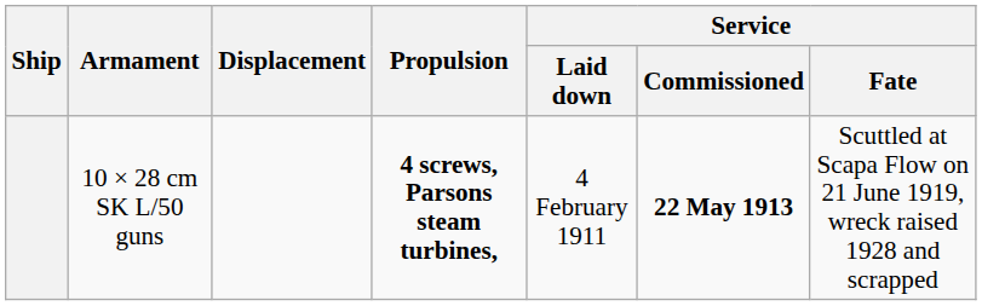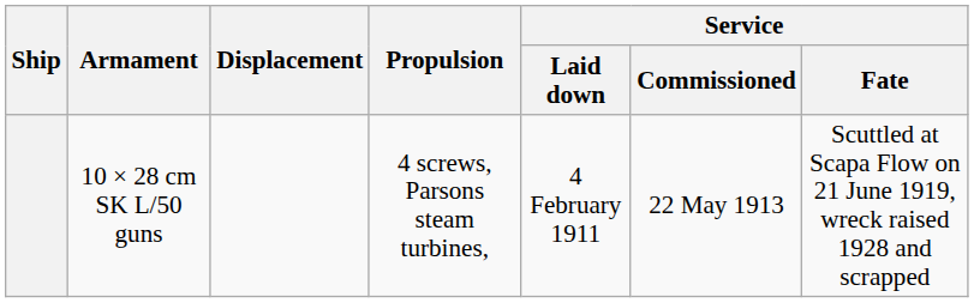 <table class="wikitable plainrowheaders" style="text-align: center">
 <tr valign="center">
 <th scope="col" rowspan="2">Ship</th>
 <th scope="col" rowspan="2">Armament</th>
 <th scope="col" rowspan="2">Displacement</th>
 <th scope="col" rowspan="2">Propulsion</th>
 <th scope="col" colspan="3">Service</th>
 </tr>
 <tr valign="center">
 <th scope="col">Laid down</th>
 <th scope="col">Commissioned</th>
 <th scope="col">Fate</th>
 </tr>
 <tr valign="center">
 <th scope="row"></th>
 <td>10 × 28 cm SK L/50 guns</td>
 <td></td>
-<td><strong>4 screws, Parsons steam turbines, </strong></td>
+<td>4 screws, Parsons steam turbines, </td>
 <td>4 February 1911</td>
-<td><strong>22 May 1913</strong></td>
+<td>22 May 1913</td>
 <td>Scuttled at Scapa Flow on 21 June 1919, wreck raised 1928 and scrapped</td>
 </tr>
 </table>
